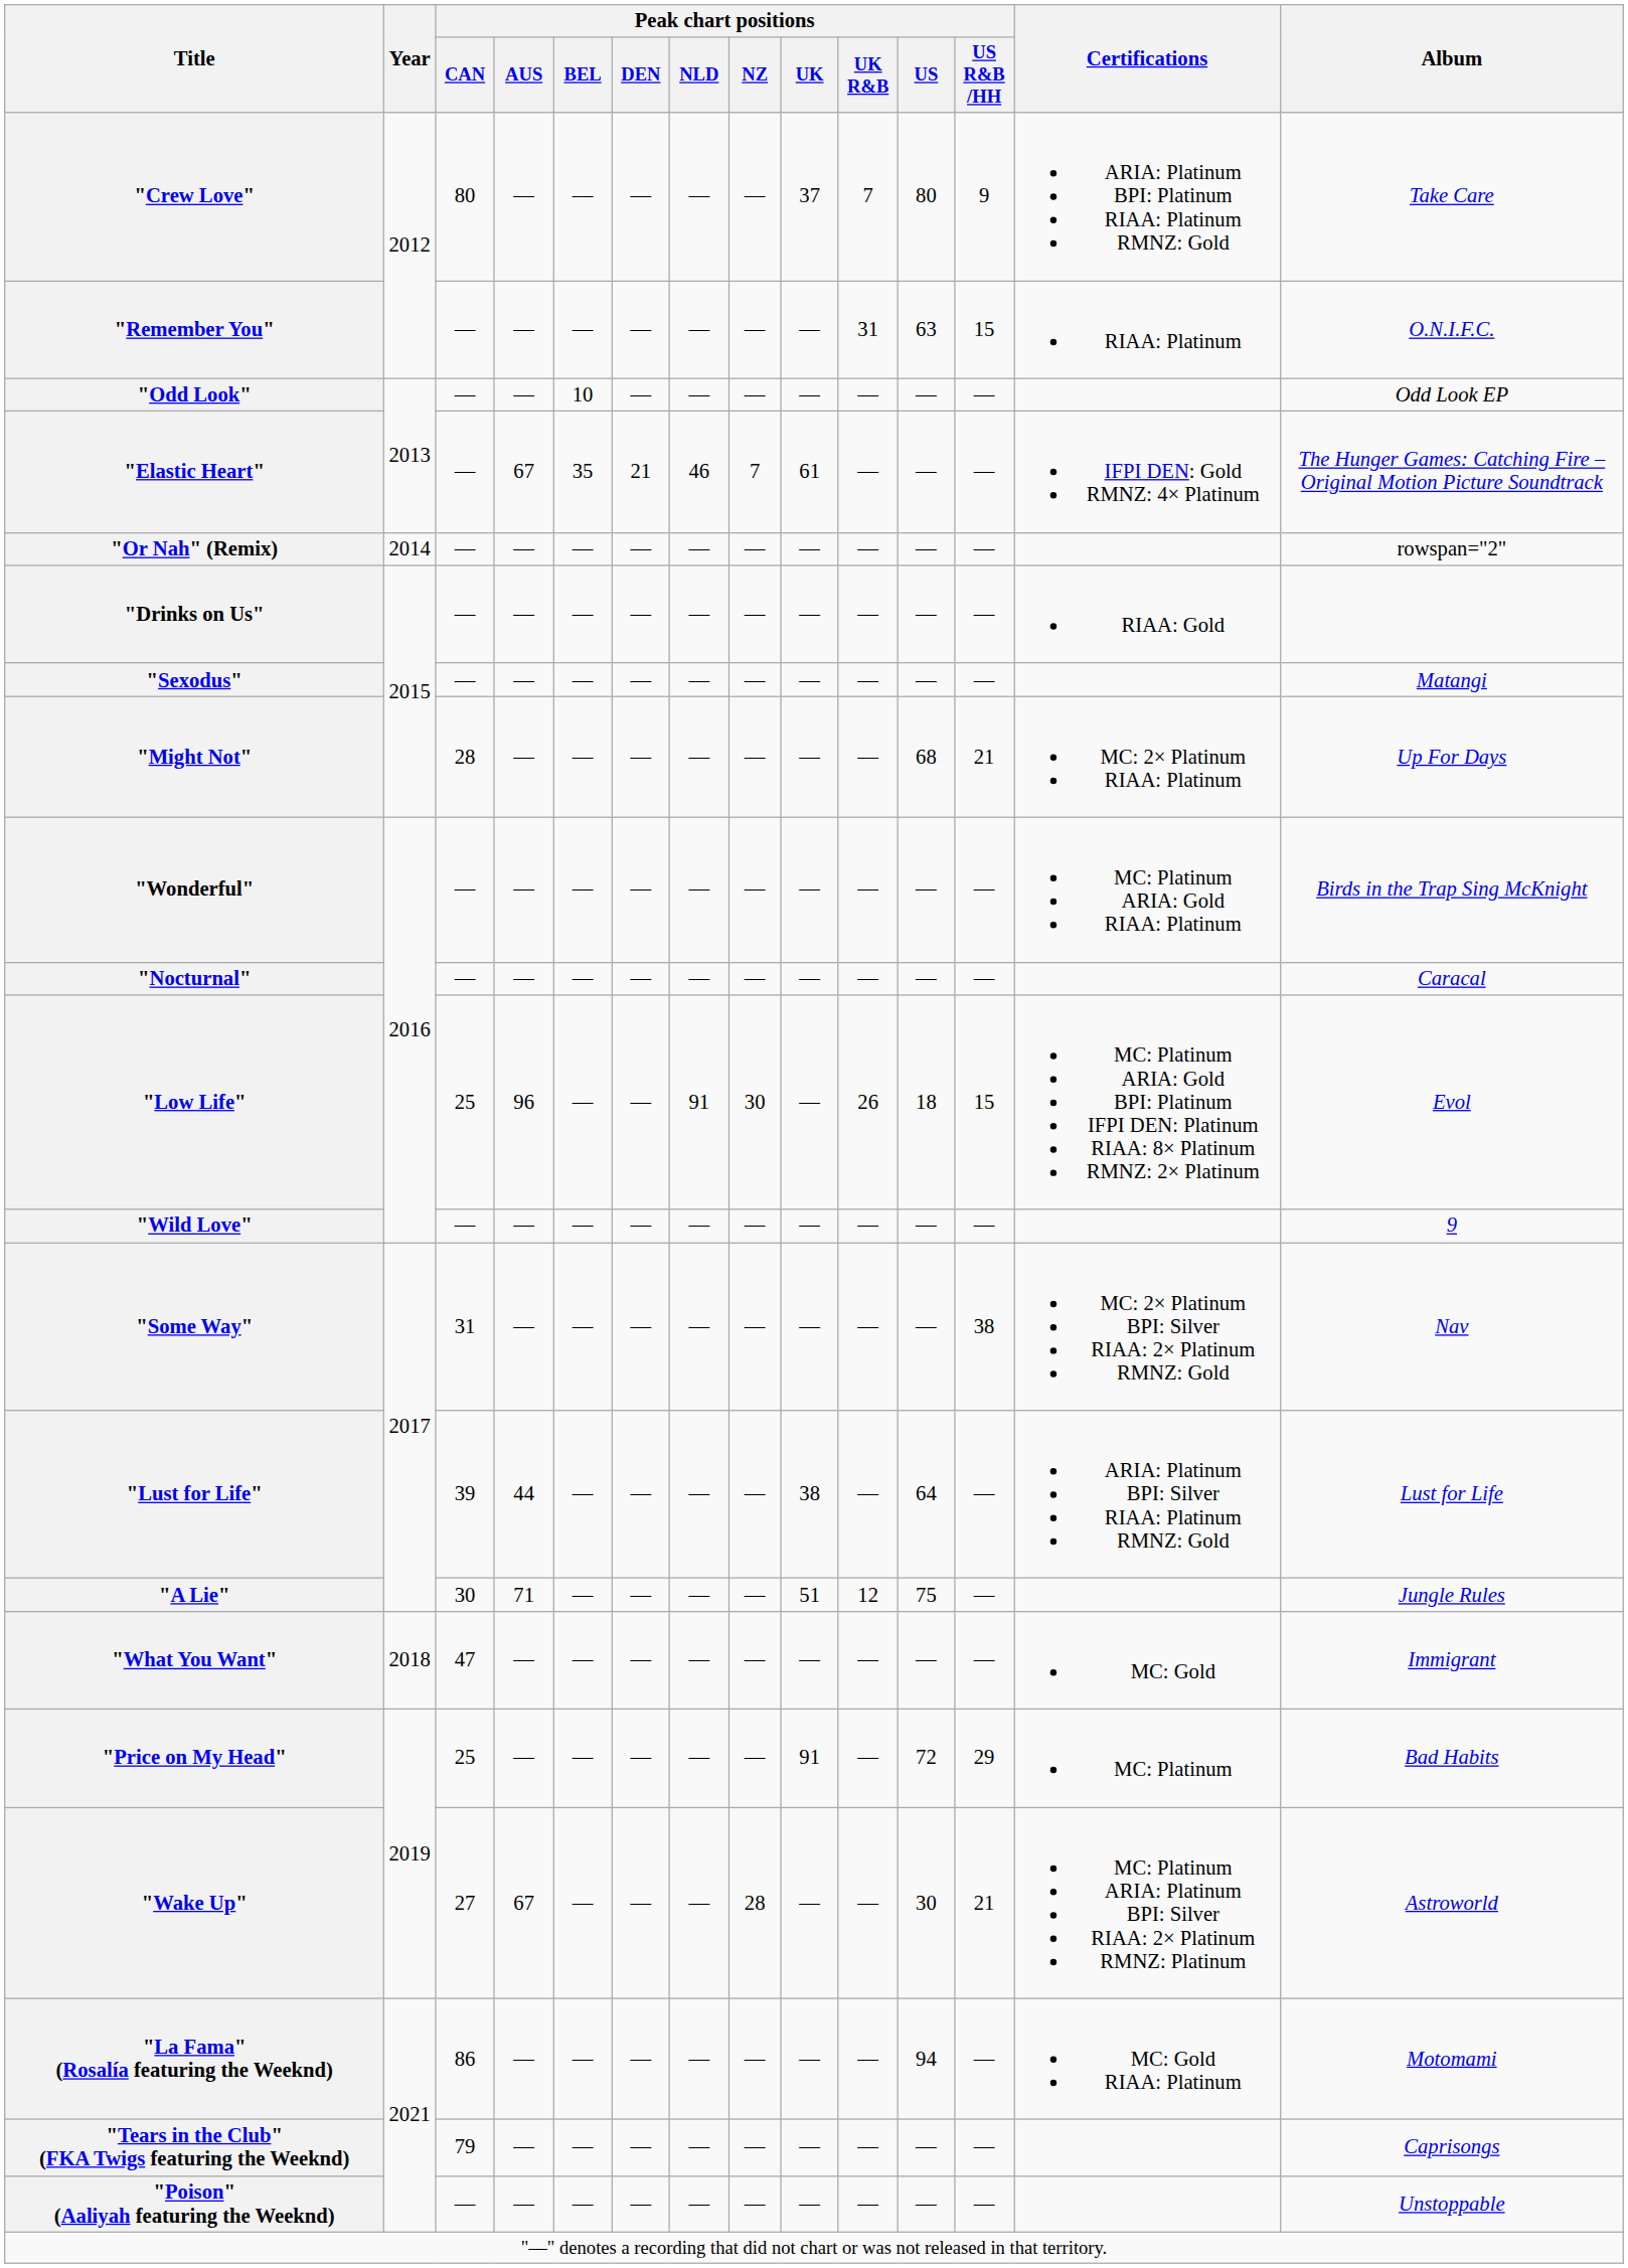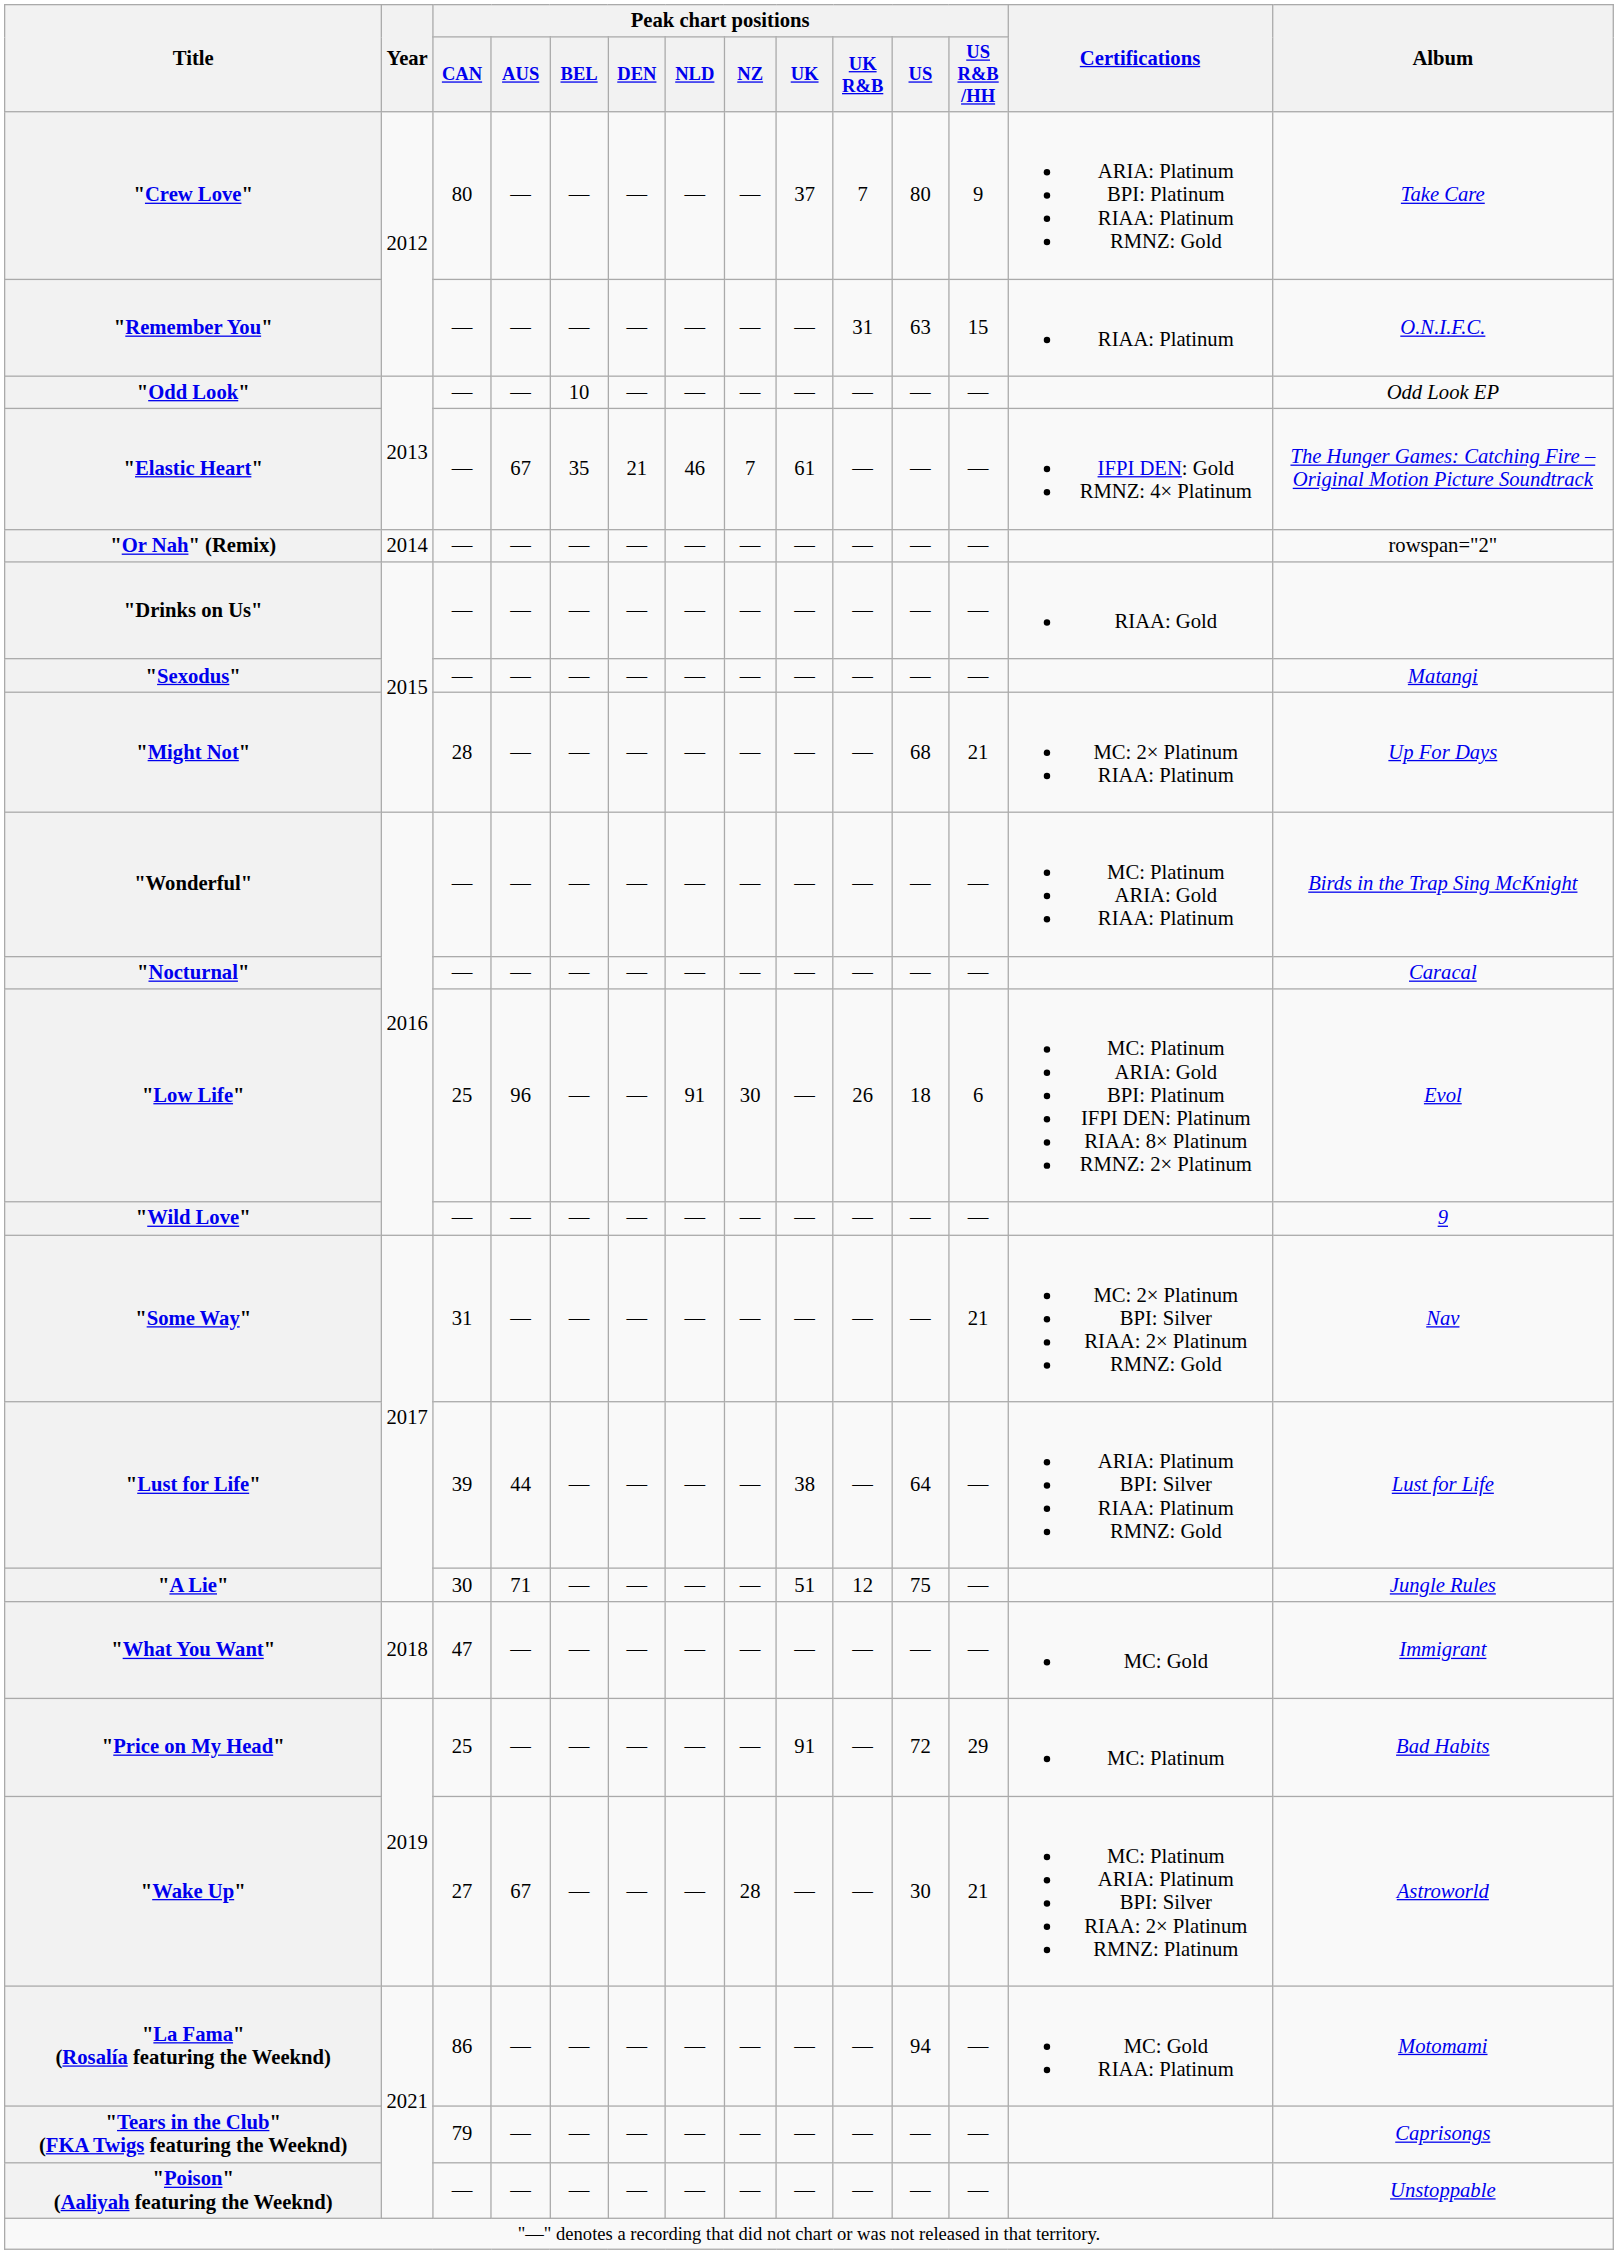 <table class="wikitable plainrowheaders" style="text-align:center;">
 <tr>
 <th rowspan="2" scope="col" style="width:20em;">Title</th>
 <th rowspan="2" scope="col" style="width:1em;">Year</th>
 <th scope="col" colspan="10">Peak chart positions</th>
 <th scope="col" rowspan="2" style="width:13.5em;"><a href='#'>Certifications</a></th>
 <th scope="col" rowspan="2" style="width:18em;">Album</th>
 </tr>
 <tr>
 <th scope="col" style="width:2.8em;font-size:90%;"><a href='#'>CAN</a><br></th>
 <th scope="col" style="width:2.8em;font-size:90%;"><a href='#'>AUS</a><br></th>
 <th scope="col" style="width:2.8em;font-size:90%;"><a href='#'>BEL</a><br></th>
 <th scope="col" style="width:2.7em;font-size:90%;"><a href='#'>DEN</a><br></th>
 <th scope="col" style="width:2.8em;font-size:90%;"><a href='#'>NLD</a><br></th>
 <th scope="col" style="width:2.5em;font-size:90%;"><a href='#'>NZ</a><br></th>
 <th scope="col" style="width:2.8em;font-size:90%;"><a href='#'>UK</a><br></th>
 <th scope="col" style="width:2.8em;font-size:90%;"><a href='#'>UK<br>R&B</a><br></th>
 <th scope="col" style="width:2.8em;font-size:90%;"><a href='#'>US</a><br></th>
 <th scope="col" style="width:2.8em;font-size:90%;"><a href='#'>US<br>R&B<br>/HH</a><br></th>
 </tr>
 <tr>
 <th scope="row">"<a href='#'>Crew Love</a>"<br></th>
 <td rowspan="2">2012</td>
 <td>80</td>
 <td>—</td>
 <td>—</td>
 <td>—</td>
 <td>—</td>
 <td>—</td>
 <td>37</td>
 <td>7</td>
 <td>80</td>
 <td>9</td>
 <td><br><ul><li>ARIA: Platinum</li><li>BPI: Platinum</li><li>RIAA: Platinum</li><li>RMNZ: Gold</li></ul></td>
 <td><em><a href='#'>Take Care</a></em></td>
 </tr>
 <tr>
 <th scope="row">"<a href='#'>Remember You</a>"<br></th>
 <td>—</td>
 <td>—</td>
 <td>—</td>
 <td>—</td>
 <td>—</td>
 <td>—</td>
 <td>—</td>
 <td>31</td>
 <td>63</td>
 <td>15</td>
 <td><br><ul><li>RIAA: Platinum</li></ul></td>
 <td><em><a href='#'>O.N.I.F.C.</a></em></td>
 </tr>
 <tr>
 <th scope="row">"<a href='#'>Odd Look</a>"<br></th>
 <td rowspan="2">2013</td>
 <td>—</td>
 <td>—</td>
 <td>10</td>
 <td>—</td>
 <td>—</td>
 <td>—</td>
 <td>—</td>
 <td>—</td>
 <td>—</td>
 <td>—</td>
 <td></td>
 <td><em>Odd Look EP</em></td>
 </tr>
 <tr>
 <th scope="row">"<a href='#'>Elastic Heart</a>"<br></th>
 <td>—</td>
 <td>67</td>
 <td>35</td>
 <td>21</td>
 <td>46</td>
 <td>7</td>
 <td>61</td>
 <td>—</td>
 <td>—</td>
 <td>—</td>
 <td><br><ul><li><a href='#'>IFPI DEN</a>: Gold</li><li>RMNZ: 4× Platinum</li></ul></td>
 <td><em><a href='#'>The Hunger Games: Catching Fire – Original Motion Picture Soundtrack</a></em></td>
 </tr>
 <tr>
 <th scope="row">"<a href='#'>Or Nah</a>" (Remix)<br></th>
 <td>2014</td>
 <td>—</td>
 <td>—</td>
 <td>—</td>
 <td>—</td>
 <td>—</td>
 <td>—</td>
 <td>—</td>
 <td>—</td>
 <td>—</td>
 <td>—</td>
 <td></td>
 <td>rowspan="2" </td>
 </tr>
 <tr>
 <th scope="row">"Drinks on Us"<br></th>
 <td rowspan="3">2015</td>
 <td>—</td>
 <td>—</td>
 <td>—</td>
 <td>—</td>
 <td>—</td>
 <td>—</td>
 <td>—</td>
 <td>—</td>
 <td>—</td>
 <td>—</td>
 <td><br><ul><li>RIAA: Gold</li></ul></td>
 </tr>
 <tr>
 <th scope="row">"<a href='#'>Sexodus</a>" <br></th>
 <td>—</td>
 <td>—</td>
 <td>—</td>
 <td>—</td>
 <td>—</td>
 <td>—</td>
 <td>—</td>
 <td>—</td>
 <td>—</td>
 <td>—</td>
 <td></td>
 <td><em><a href='#'>Matangi</a></em></td>
 </tr>
 <tr>
 <th scope="row">"<a href='#'>Might Not</a>"<br></th>
 <td>28</td>
 <td>—</td>
 <td>—</td>
 <td>—</td>
 <td>—</td>
 <td>—</td>
 <td>—</td>
 <td>—</td>
 <td>68</td>
 <td>21</td>
 <td><br><ul><li>MC: 2× Platinum</li><li>RIAA: Platinum</li></ul></td>
 <td><em><a href='#'>Up For Days</a></em></td>
 </tr>
 <tr>
 <th scope="row">"Wonderful"<br></th>
 <td rowspan="4">2016</td>
 <td>—</td>
 <td>—</td>
 <td>—</td>
 <td>—</td>
 <td>—</td>
 <td>—</td>
 <td>—</td>
 <td>—</td>
 <td>—</td>
 <td>—</td>
 <td><br><ul><li>MC: Platinum</li><li>ARIA: Gold</li><li>RIAA: Platinum</li></ul></td>
 <td><em><a href='#'>Birds in the Trap Sing McKnight</a></em></td>
 </tr>
 <tr>
 <th scope="row">"<a href='#'>Nocturnal</a>"<br></th>
 <td>—</td>
 <td>—</td>
 <td>—</td>
 <td>—</td>
 <td>—</td>
 <td>—</td>
 <td>—</td>
 <td>—</td>
 <td>—</td>
 <td>—</td>
 <td></td>
 <td><em><a href='#'>Caracal</a></em></td>
 </tr>
 <tr>
 <th scope="row">"<a href='#'>Low Life</a>"<br></th>
 <td>25</td>
 <td>96</td>
 <td>—</td>
 <td>—</td>
 <td>91</td>
 <td>30</td>
 <td>—</td>
 <td>26</td>
 <td>18</td>
-<td>15</td>
+<td>6</td>
 <td><br><ul><li>MC: Platinum</li><li>ARIA: Gold</li><li>BPI: Platinum</li><li>IFPI DEN: Platinum</li><li>RIAA: 8× Platinum</li><li>RMNZ: 2× Platinum</li></ul></td>
 <td><em><a href='#'>Evol</a></em></td>
 </tr>
 <tr>
 <th scope="row">"<a href='#'>Wild Love</a>"<br></th>
 <td>—</td>
 <td>—</td>
 <td>—</td>
 <td>—</td>
 <td>—</td>
 <td>—</td>
 <td>—</td>
 <td>—</td>
 <td>—</td>
 <td>—</td>
 <td></td>
 <td><em><a href='#'>9</a></em></td>
 </tr>
 <tr>
 <th scope="row">"<a href='#'>Some Way</a>"<br></th>
 <td rowspan="3">2017</td>
 <td>31</td>
 <td>—</td>
 <td>—</td>
 <td>—</td>
 <td>—</td>
 <td>—</td>
 <td>—</td>
 <td>—</td>
 <td>—</td>
-<td>38</td>
+<td>21</td>
 <td><br><ul><li>MC: 2× Platinum</li><li>BPI: Silver</li><li>RIAA: 2× Platinum</li><li>RMNZ: Gold</li></ul></td>
 <td><em><a href='#'>Nav</a></em></td>
 </tr>
 <tr>
 <th scope="row">"<a href='#'>Lust for Life</a>"<br></th>
 <td>39</td>
 <td>44</td>
 <td>—</td>
 <td>—</td>
 <td>—</td>
 <td>—</td>
 <td>38</td>
 <td>—</td>
 <td>64</td>
 <td>—</td>
 <td><br><ul><li>ARIA: Platinum</li><li>BPI: Silver</li><li>RIAA: Platinum</li><li>RMNZ: Gold</li></ul></td>
 <td><em><a href='#'>Lust for Life</a></em></td>
 </tr>
 <tr>
 <th scope="row">"<a href='#'>A Lie</a>"<br></th>
 <td>30</td>
 <td>71</td>
 <td>—</td>
 <td>—</td>
 <td>—</td>
 <td>—</td>
 <td>51</td>
 <td>12</td>
 <td>75</td>
 <td>—</td>
 <td></td>
 <td><em><a href='#'>Jungle Rules</a></em></td>
 </tr>
 <tr>
 <th scope="row">"<a href='#'>What You Want</a>"<br></th>
 <td>2018</td>
 <td>47</td>
 <td>—</td>
 <td>—</td>
 <td>—</td>
 <td>—</td>
 <td>—</td>
 <td>—</td>
 <td>—</td>
 <td>—</td>
 <td>—</td>
 <td><br><ul><li>MC: Gold</li></ul></td>
 <td><em><a href='#'>Immigrant</a></em></td>
 </tr>
 <tr>
 <th scope="row">"<a href='#'>Price on My Head</a>"<br></th>
 <td rowspan="2">2019</td>
 <td>25</td>
 <td>—</td>
 <td>—</td>
 <td>—</td>
 <td>—</td>
 <td>—</td>
 <td>91</td>
 <td>—</td>
 <td>72</td>
 <td>29</td>
 <td><br><ul><li>MC: Platinum</li></ul></td>
 <td><em><a href='#'>Bad Habits</a></em></td>
 </tr>
 <tr>
 <th scope="row">"<a href='#'>Wake Up</a>"<br></th>
 <td>27</td>
 <td>67</td>
 <td>—</td>
 <td>—</td>
 <td>—</td>
 <td>28</td>
 <td>—</td>
 <td>—</td>
 <td>30</td>
 <td>21</td>
 <td><br><ul><li>MC: Platinum</li><li>ARIA: Platinum</li><li>BPI: Silver</li><li>RIAA: 2× Platinum</li><li>RMNZ: Platinum</li></ul></td>
 <td><em><a href='#'>Astroworld</a></em></td>
 </tr>
 <tr>
 <th scope="row">"<a href='#'>La Fama</a>"<br><span>(<a href='#'>Rosalía</a> featuring the Weeknd)</span></th>
 <td rowspan="3">2021</td>
 <td>86</td>
 <td>—</td>
 <td>—</td>
 <td>—</td>
 <td>—</td>
 <td>—</td>
 <td>—</td>
 <td>—</td>
 <td>94</td>
 <td>—</td>
 <td><br><ul><li>MC: Gold</li><li>RIAA: Platinum</li></ul></td>
 <td><em><a href='#'>Motomami</a></em></td>
 </tr>
 <tr>
 <th scope="row">"<a href='#'>Tears in the Club</a>"<br><span>(<a href='#'>FKA Twigs</a> featuring the Weeknd)</span></th>
 <td>79</td>
 <td>—</td>
 <td>—</td>
 <td>—</td>
 <td>—</td>
 <td>—</td>
 <td>—</td>
 <td>—</td>
 <td>—</td>
 <td>—</td>
 <td></td>
 <td><em><a href='#'>Caprisongs</a></em></td>
 </tr>
 <tr>
 <th scope="row">"<a href='#'>Poison</a>"<br><span>(<a href='#'>Aaliyah</a> featuring the Weeknd)</span></th>
 <td>—</td>
 <td>—</td>
 <td>—</td>
 <td>—</td>
 <td>—</td>
 <td>—</td>
 <td>—</td>
 <td>—</td>
 <td>—</td>
 <td>—</td>
 <td></td>
 <td><em><a href='#'>Unstoppable</a></em></td>
 </tr>
 <tr>
 <td colspan="14" style="font-size:90%">"—" denotes a recording that did not chart or was not released in that territory.</td>
 </tr>
 </table>
